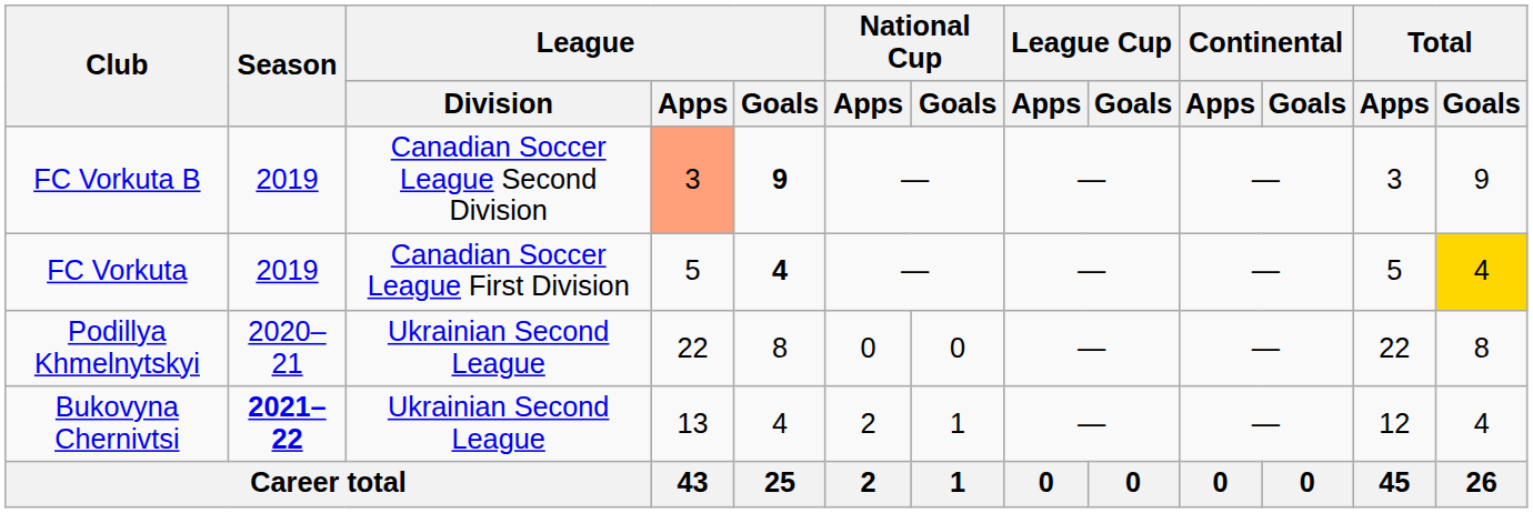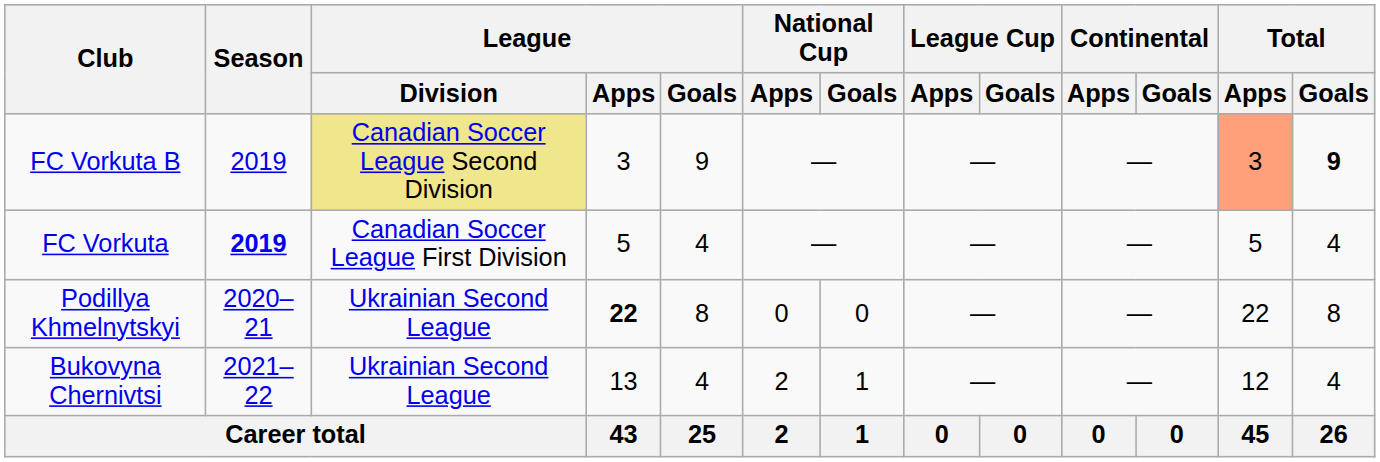 <table class="wikitable" style="text-align: center">
 <tr>
 <th rowspan="2">Club</th>
 <th rowspan="2">Season</th>
 <th colspan="3">League</th>
 <th colspan="2">National Cup</th>
 <th colspan="2">League Cup</th>
 <th colspan="2">Continental</th>
 <th colspan="2">Total</th>
 </tr>
 <tr>
 <th>Division</th>
 <th>Apps</th>
 <th>Goals</th>
 <th>Apps</th>
 <th>Goals</th>
 <th>Apps</th>
 <th>Goals</th>
 <th>Apps</th>
 <th>Goals</th>
 <th>Apps</th>
 <th>Goals</th>
 </tr>
 <tr>
 <td><a href='#'>FC Vorkuta B</a></td>
 <td><a href='#'>2019</a></td>
-<td><a href='#'>Canadian Soccer League</a> Second Division</td>
-<td style="background: lightsalmon;">3</td>
-<td><strong>9</strong></td>
+<td style="background: khaki;"><a href='#'>Canadian Soccer League</a> Second Division</td>
+<td>3</td>
+<td>9</td>
 <td colspan="2">—</td>
 <td colspan="2">—</td>
 <td colspan="2">—</td>
-<td>3</td>
-<td>9</td>
+<td style="background: lightsalmon;">3</td>
+<td><strong>9</strong></td>
 </tr>
 <tr>
 <td><a href='#'>FC Vorkuta</a></td>
-<td><a href='#'>2019</a></td>
+<td><strong><a href='#'>2019</a></strong></td>
 <td><a href='#'>Canadian Soccer League</a> First Division</td>
 <td>5</td>
-<td><strong>4</strong></td>
+<td>4</td>
 <td colspan="2">—</td>
 <td colspan="2">—</td>
 <td colspan="2">—</td>
 <td>5</td>
-<td style="background: gold;">4</td>
+<td>4</td>
 </tr>
 <tr>
 <td><a href='#'>Podillya Khmelnytskyi</a></td>
 <td><a href='#'>2020–21</a></td>
 <td><a href='#'>Ukrainian Second League</a></td>
-<td>22</td>
+<td><strong>22</strong></td>
 <td>8</td>
 <td>0</td>
 <td>0</td>
 <td colspan="2">—</td>
 <td colspan="2">—</td>
 <td>22</td>
 <td>8</td>
 </tr>
 <tr>
 <td><a href='#'>Bukovyna Chernivtsi</a></td>
-<td><strong><a href='#'>2021–22</a></strong></td>
+<td><a href='#'>2021–22</a></td>
 <td><a href='#'>Ukrainian Second League</a></td>
 <td>13</td>
 <td>4</td>
 <td>2</td>
 <td>1</td>
 <td colspan="2">—</td>
 <td colspan="2">—</td>
 <td>12</td>
 <td>4</td>
 </tr>
 <tr>
 <th colspan="3"><strong>Career total</strong></th>
 <th>43</th>
 <th>25</th>
 <th>2</th>
 <th>1</th>
 <th>0</th>
 <th>0</th>
 <th>0</th>
 <th>0</th>
 <th>45</th>
 <th>26</th>
 </tr>
 </table>
